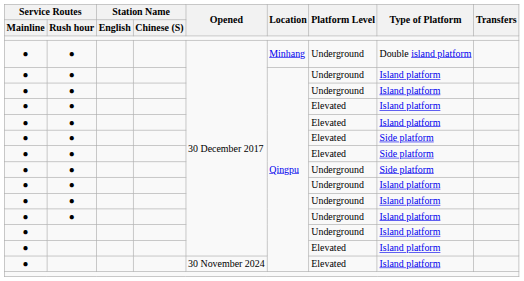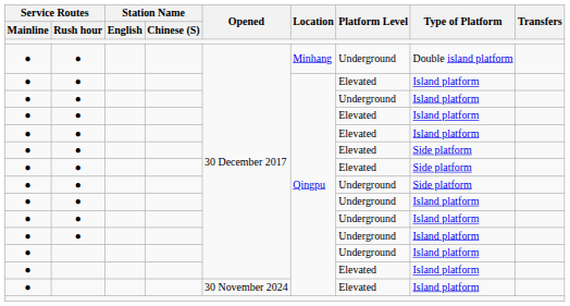 <table class=wikitable>
 <tr>
 <th colspan=2>Service Routes</th>
 <th colspan=2 style="text-align:center;">Station Name</th>
 <th rowspan=2>Opened</th>
 <th rowspan=2 style="text-align:center;">Location</th>
 <th rowspan=2>Platform Level</th>
 <th rowspan=2>Type of Platform</th>
 <th rowspan=2 style="text-align:center;">Transfers</th>
 </tr>
 <tr>
 <th>Mainline</th>
 <th>Rush hour</th>
 <th>English</th>
 <th>Chinese (S)</th>
 </tr>
 <tr style=background:#>
 <td colspan=9></td>
 </tr>
 <tr>
 <td align=center>●</td>
 <td align=center>●</td>
 <td></td>
 <td><span></span></td>
 <td rowspan=13>30 December 2017</td>
 <td><a href='#'>Minhang</a></td>
 <td>Underground</td>
 <td>Double <a href='#'>island platform</a></td>
 <td><br><br></td>
 </tr>
 <tr>
 <td align=center>●</td>
 <td align=center>●</td>
 <td></td>
 <td><span></span></td>
 <td rowspan=13><a href='#'>Qingpu</a></td>
-<td>Underground</td>
+<td>Elevated</td>
 <td><a href='#'>Island platform</a></td>
 <td> </td>
 </tr>
 <tr>
 <td align=center>●</td>
 <td align=center>●</td>
 <td></td>
 <td><span></span></td>
 <td>Underground</td>
 <td><a href='#'>Island platform</a></td>
 <td></td>
 </tr>
 <tr>
 <td align=center>●</td>
 <td align=center>●</td>
 <td></td>
 <td><span></span></td>
 <td>Elevated</td>
 <td><a href='#'>Island platform</a></td>
 <td></td>
 </tr>
 <tr>
 <td align=center>●</td>
 <td align=center>●</td>
 <td></td>
 <td><span></span></td>
 <td>Elevated</td>
 <td><a href='#'>Island platform</a></td>
 <td></td>
 </tr>
 <tr>
 <td align=center>●</td>
 <td align=center>●</td>
 <td></td>
 <td><span></span></td>
 <td>Elevated</td>
 <td><a href='#'>Side platform</a></td>
 <td></td>
 </tr>
 <tr>
 <td align=center>●</td>
 <td align=center>●</td>
 <td></td>
 <td><span></span></td>
 <td>Elevated</td>
 <td><a href='#'>Side platform</a></td>
 <td></td>
 </tr>
 <tr>
 <td align=center>●</td>
 <td align=center>●</td>
 <td></td>
 <td><span></span></td>
 <td>Underground</td>
 <td><a href='#'>Side platform</a></td>
 <td></td>
 </tr>
 <tr>
 <td align=center>●</td>
 <td align=center>●</td>
 <td></td>
 <td><span></span></td>
 <td>Underground</td>
 <td><a href='#'>Island platform</a></td>
 <td></td>
 </tr>
 <tr>
 <td align=center>●</td>
 <td align=center>●</td>
 <td></td>
 <td><span></span></td>
 <td>Underground</td>
 <td><a href='#'>Island platform</a></td>
 <td></td>
 </tr>
 <tr>
 <td align=center>●</td>
 <td align=center>●</td>
 <td></td>
 <td><span></span></td>
 <td>Underground</td>
 <td><a href='#'>Island platform</a></td>
 <td></td>
 </tr>
 <tr>
 <td align=center>●</td>
 <td></td>
 <td></td>
 <td><span></span></td>
 <td>Underground</td>
 <td><a href='#'>Island platform</a></td>
 <td></td>
 </tr>
 <tr>
 <td align=center>●</td>
 <td></td>
 <td></td>
 <td><span></span></td>
 <td>Elevated</td>
 <td><a href='#'>Island platform</a></td>
 <td></td>
 </tr>
 <tr>
 <td align=center>●</td>
 <td></td>
 <td></td>
 <td><span></span></td>
 <td>30 November 2024</td>
 <td>Elevated</td>
 <td><a href='#'>Island platform</a></td>
 <td></td>
 </tr>
 <tr style=background:#>
 <td colspan=9></td>
 </tr>
 </table>
